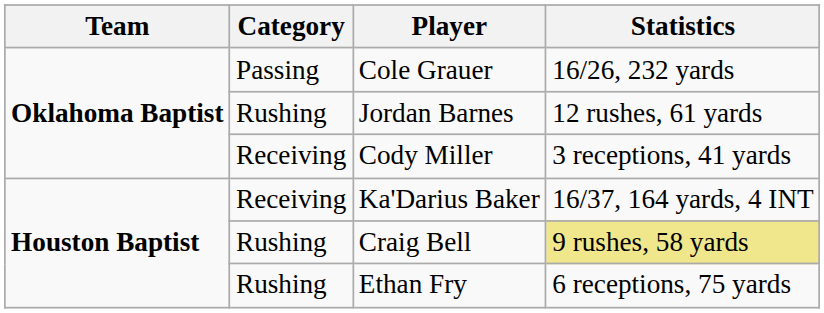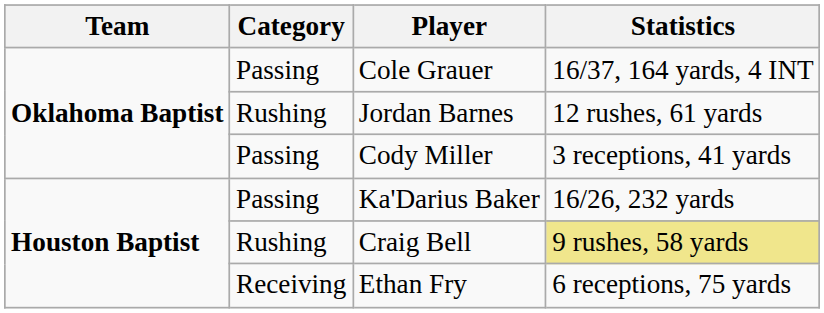 <table class="wikitable" style="float: left;">
 <tr>
 <th>Team</th>
 <th>Category</th>
 <th>Player</th>
 <th>Statistics</th>
 </tr>
 <tr>
 <td rowspan=3><strong>Oklahoma Baptist</strong></td>
 <td>Passing</td>
 <td>Cole Grauer</td>
-<td>16/26, 232 yards</td>
+<td>16/37, 164 yards, 4 INT</td>
 </tr>
 <tr>
 <td>Rushing</td>
 <td>Jordan Barnes</td>
 <td>12 rushes, 61 yards</td>
 </tr>
 <tr>
-<td>Receiving</td>
+<td>Passing</td>
 <td>Cody Miller</td>
 <td>3 receptions, 41 yards</td>
 </tr>
 <tr>
 <td rowspan=3><strong>Houston Baptist</strong></td>
-<td>Receiving</td>
+<td>Passing</td>
 <td>Ka'Darius Baker</td>
-<td>16/37, 164 yards, 4 INT</td>
+<td>16/26, 232 yards</td>
 </tr>
 <tr>
 <td>Rushing</td>
 <td>Craig Bell</td>
 <td style="background: khaki;">9 rushes, 58 yards</td>
 </tr>
 <tr>
-<td>Rushing</td>
+<td>Receiving</td>
 <td>Ethan Fry</td>
 <td>6 receptions, 75 yards</td>
 </tr>
 </table>
